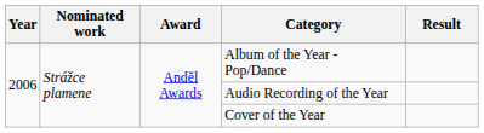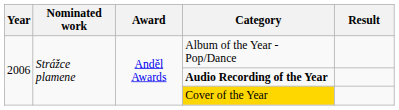 <table class="wikitable">
 <tr>
 <th width="1">Year</th>
 <th width="105">Nominated work</th>
 <th width="85">Award</th>
 <th width="200">Category</th>
 <th width="75">Result</th>
 </tr>
 <tr>
 <td rowspan="3">2006</td>
 <td rowspan="3"><em>Strážce plamene</em></td>
 <td align="center" rowspan="3"><a href='#'>Anděl Awards</a></td>
 <td>Album of the Year - Pop/Dance</td>
 <td></td>
 </tr>
 <tr>
-<td>Audio Recording of the Year</td>
+<td><strong>Audio Recording of the Year</strong></td>
 <td></td>
 </tr>
 <tr>
-<td>Cover of the Year</td>
+<td style="background: gold;">Cover of the Year</td>
 <td></td>
 </tr>
 </table>
